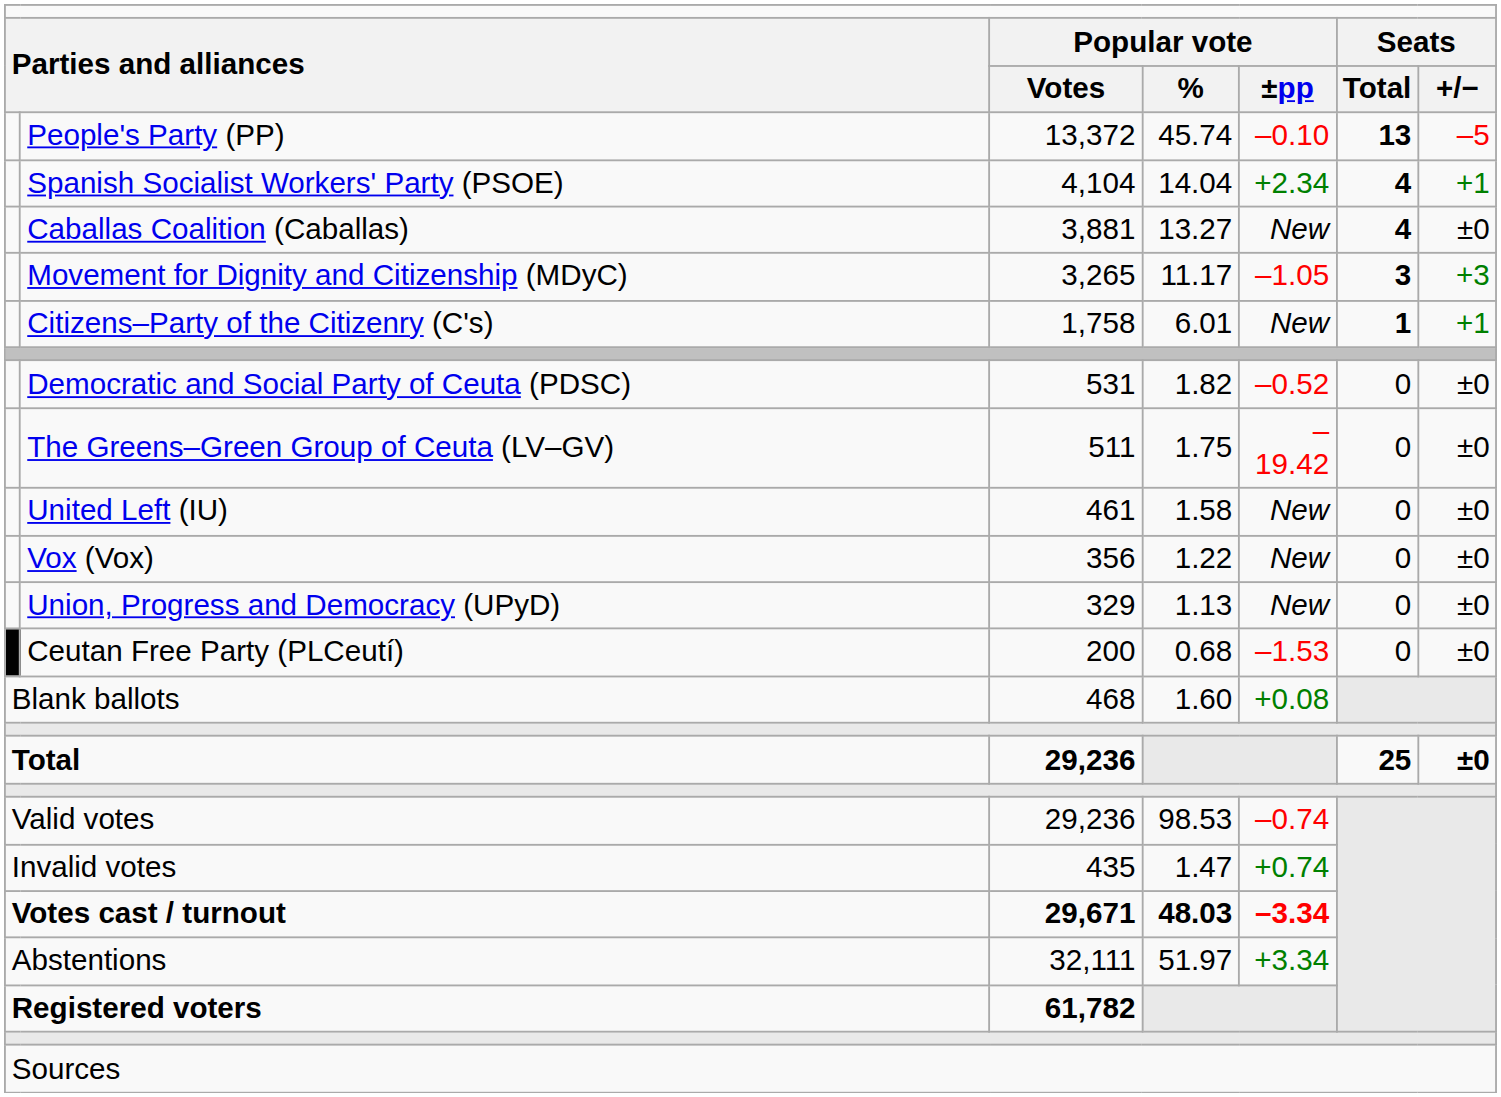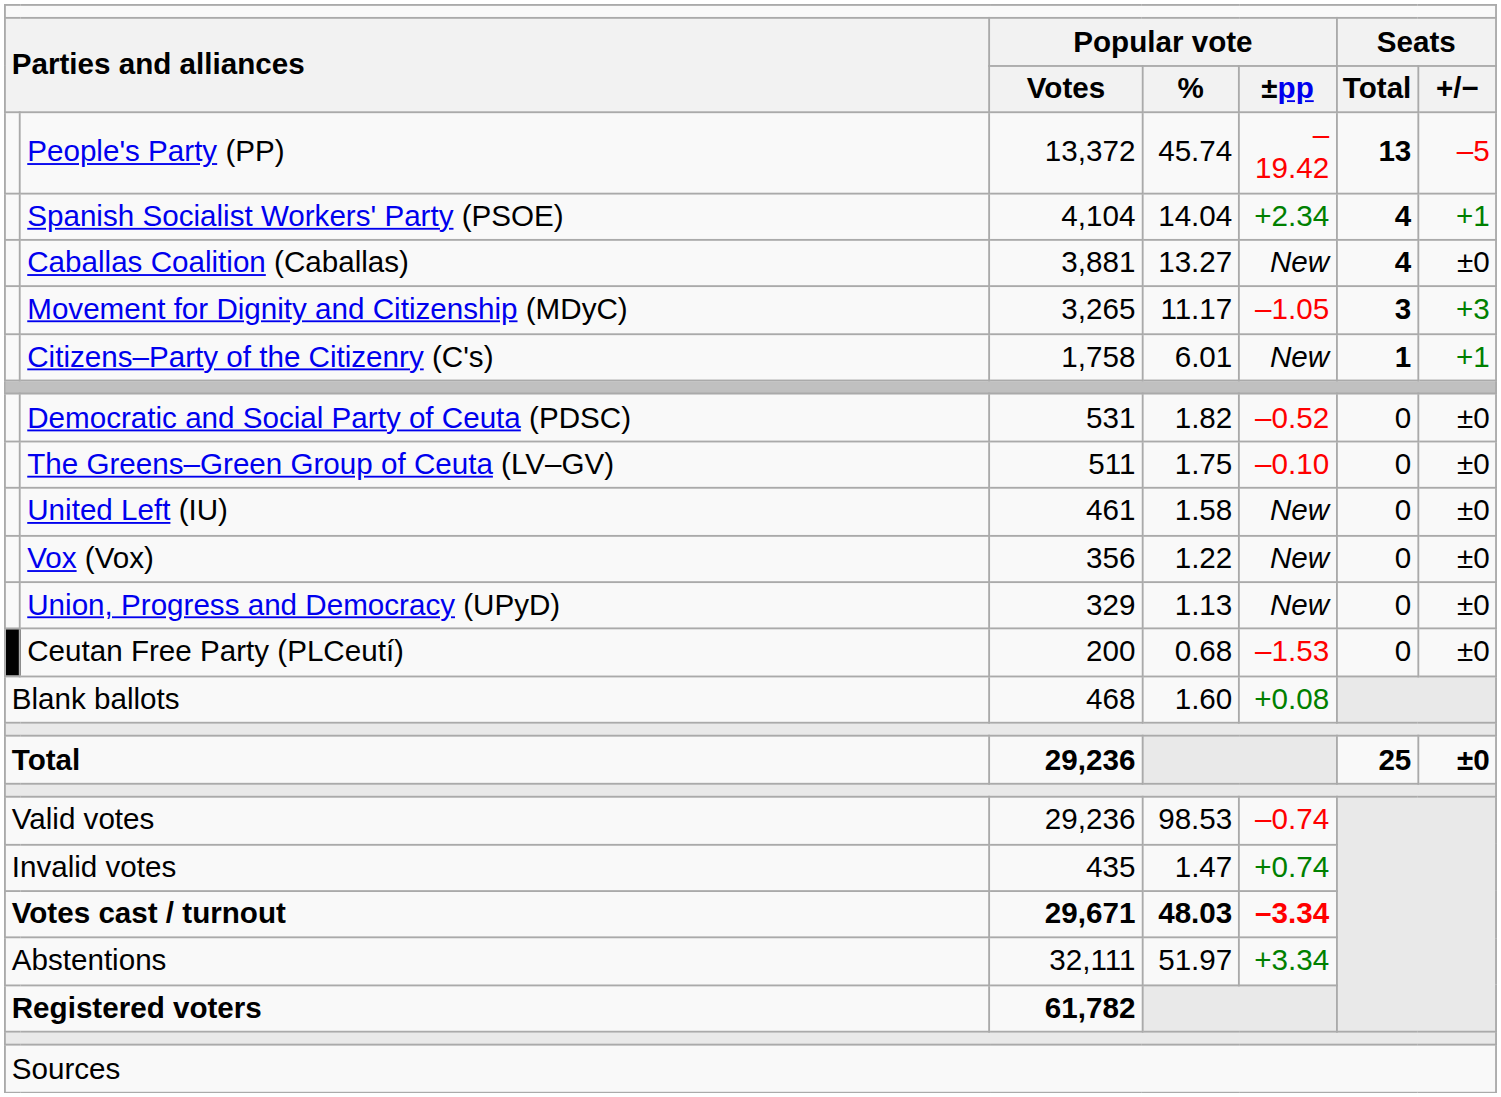 <table class="wikitable" style="text-align:right;">
 <tr>
 <td colspan="7"></td>
 </tr>
 <tr>
 <th style="text-align:left;" rowspan="2" colspan="2" width="525">Parties and alliances</th>
 <th colspan="3">Popular vote</th>
 <th colspan="2">Seats</th>
 </tr>
 <tr>
 <th width="75">Votes</th>
 <th width="45">%</th>
 <th width="45">±<a href='#'>pp</a></th>
 <th width="35">Total</th>
 <th width="35">+/−</th>
 </tr>
 <tr>
 <td width="1" style="color:inherit;background:"></td>
 <td align="left"><a href='#'>People's Party</a> (PP)</td>
 <td>13,372</td>
 <td>45.74</td>
-<td style="color:red;">–0.10</td>
+<td style="color:red;">–19.42</td>
 <td><strong>13</strong></td>
 <td style="color:red;">–5</td>
 </tr>
 <tr>
 <td style="color:inherit;background:"></td>
 <td align="left"><a href='#'>Spanish Socialist Workers' Party</a> (PSOE)</td>
 <td>4,104</td>
 <td>14.04</td>
 <td style="color:green;">+2.34</td>
 <td><strong>4</strong></td>
 <td style="color:green;">+1</td>
 </tr>
 <tr>
 <td style="color:inherit;background:"></td>
 <td align="left"><a href='#'>Caballas Coalition</a> (Caballas)</td>
 <td>3,881</td>
 <td>13.27</td>
 <td><em>New</em></td>
 <td><strong>4</strong></td>
 <td>±0</td>
 </tr>
 <tr>
 <td style="color:inherit;background:"></td>
 <td align="left"><a href='#'>Movement for Dignity and Citizenship</a> (MDyC)</td>
 <td>3,265</td>
 <td>11.17</td>
 <td style="color:red;">–1.05</td>
 <td><strong>3</strong></td>
 <td style="color:green;">+3</td>
 </tr>
 <tr>
 <td style="color:inherit;background:"></td>
 <td align="left"><a href='#'>Citizens–Party of the Citizenry</a> (C's)</td>
 <td>1,758</td>
 <td>6.01</td>
 <td><em>New</em></td>
 <td><strong>1</strong></td>
 <td style="color:green;">+1</td>
 </tr>
 <tr>
 <td colspan="7" bgcolor="#C0C0C0"></td>
 </tr>
 <tr>
 <td style="color:inherit;background:"></td>
 <td align="left"><a href='#'>Democratic and Social Party of Ceuta</a> (PDSC)</td>
 <td>531</td>
 <td>1.82</td>
 <td style="color:red;">–0.52</td>
 <td>0</td>
 <td>±0</td>
 </tr>
 <tr>
 <td style="color:inherit;background:"></td>
 <td align="left"><a href='#'>The Greens–Green Group of Ceuta</a> (LV–GV)</td>
 <td>511</td>
 <td>1.75</td>
-<td style="color:red;">–19.42</td>
+<td style="color:red;">–0.10</td>
 <td>0</td>
 <td>±0</td>
 </tr>
 <tr>
 <td style="color:inherit;background:"></td>
 <td align="left"><a href='#'>United Left</a> (IU)</td>
 <td>461</td>
 <td>1.58</td>
 <td><em>New</em></td>
 <td>0</td>
 <td>±0</td>
 </tr>
 <tr>
 <td style="color:inherit;background:"></td>
 <td align="left"><a href='#'>Vox</a> (Vox)</td>
 <td>356</td>
 <td>1.22</td>
 <td><em>New</em></td>
 <td>0</td>
 <td>±0</td>
 </tr>
 <tr>
 <td style="color:inherit;background:"></td>
 <td align="left"><a href='#'>Union, Progress and Democracy</a> (UPyD)</td>
 <td>329</td>
 <td>1.13</td>
 <td><em>New</em></td>
 <td>0</td>
 <td>±0</td>
 </tr>
 <tr>
 <td bgcolor="black"></td>
 <td align="left">Ceutan Free Party (PLCeutí)</td>
 <td>200</td>
 <td>0.68</td>
 <td style="color:red;">–1.53</td>
 <td>0</td>
 <td>±0</td>
 </tr>
 <tr>
 <td align="left" colspan="2">Blank ballots</td>
 <td>468</td>
 <td>1.60</td>
 <td style="color:green;">+0.08</td>
 <td bgcolor="#E9E9E9" colspan="2"></td>
 </tr>
 <tr>
 <td colspan="7" bgcolor="#E9E9E9"></td>
 </tr>
 <tr style="font-weight:bold;">
 <td align="left" colspan="2">Total</td>
 <td>29,236</td>
 <td bgcolor="#E9E9E9" colspan="2"></td>
 <td>25</td>
 <td>±0</td>
 </tr>
 <tr>
 <td colspan="7" bgcolor="#E9E9E9"></td>
 </tr>
 <tr>
 <td align="left" colspan="2">Valid votes</td>
 <td>29,236</td>
 <td>98.53</td>
 <td style="color:red;">–0.74</td>
 <td bgcolor="#E9E9E9" colspan="2" rowspan="5"></td>
 </tr>
 <tr>
 <td align="left" colspan="2">Invalid votes</td>
 <td>435</td>
 <td>1.47</td>
 <td style="color:green;">+0.74</td>
 </tr>
 <tr style="font-weight:bold;">
 <td align="left" colspan="2">Votes cast / turnout</td>
 <td>29,671</td>
 <td>48.03</td>
 <td style="color:red;">–3.34</td>
 </tr>
 <tr>
 <td align="left" colspan="2">Abstentions</td>
 <td>32,111</td>
 <td>51.97</td>
 <td style="color:green;">+3.34</td>
 </tr>
 <tr style="font-weight:bold;">
 <td align="left" colspan="2">Registered voters</td>
 <td>61,782</td>
 <td bgcolor="#E9E9E9" colspan="2"></td>
 </tr>
 <tr>
 <td colspan="7" bgcolor="#E9E9E9"></td>
 </tr>
 <tr>
 <td align="left" colspan="7">Sources</td>
 </tr>
 </table>
